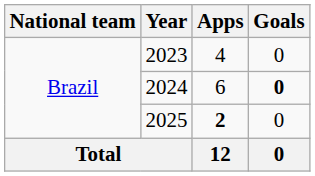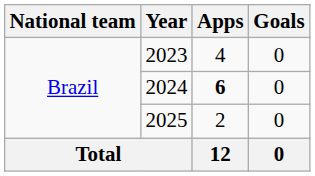 <table class=wikitable style=text-align:center>
 <tr>
 <th>National team</th>
 <th>Year</th>
 <th>Apps</th>
 <th>Goals</th>
 </tr>
 <tr>
 <td rowspan="3"><a href='#'>Brazil</a></td>
 <td>2023</td>
 <td>4</td>
 <td>0</td>
 </tr>
 <tr>
 <td>2024</td>
-<td>6</td>
-<td><strong>0</strong></td>
+<td><strong>6</strong></td>
+<td>0</td>
 </tr>
 <tr>
 <td>2025</td>
-<td><strong>2</strong></td>
+<td>2</td>
 <td>0</td>
 </tr>
 <tr>
 <th colspan="2">Total</th>
 <th>12</th>
 <th>0</th>
 </tr>
 </table>
